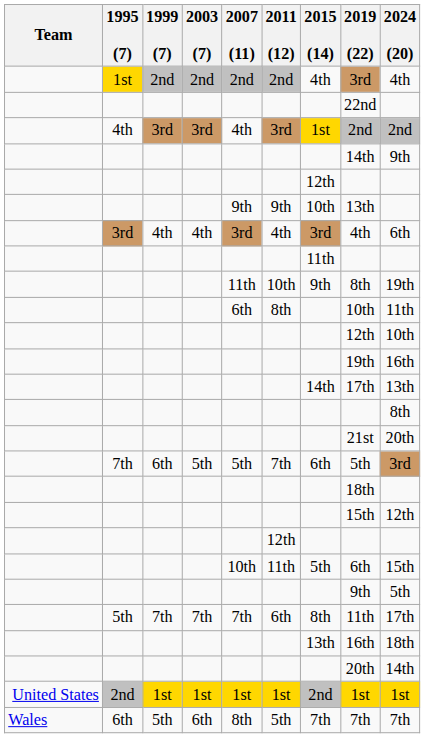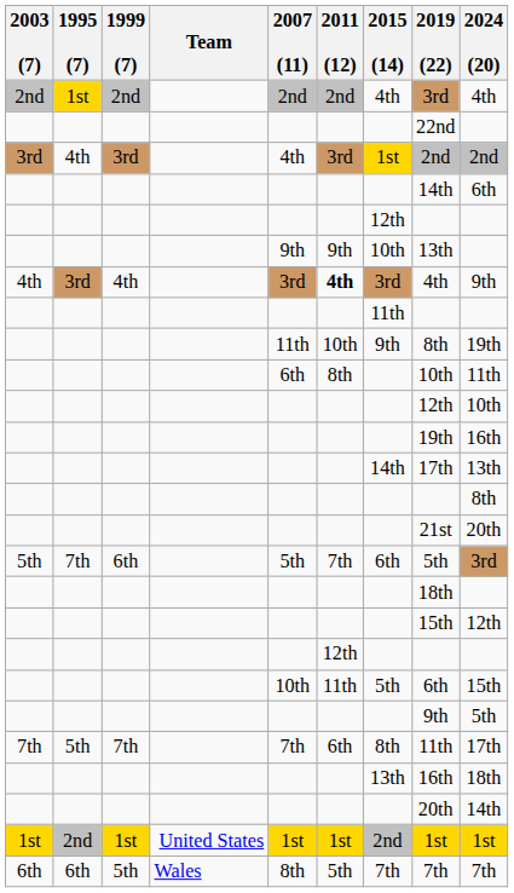 <table class="wikitable"  style="text-align:center;">
 <tr>
-<th>Team</th>
+<th>2003<br><br>(7)</th>
 <th>1995<br><br>(7)</th>
 <th>1999<br><br>(7)</th>
-<th>2003<br><br>(7)</th>
+<th>Team</th>
 <th>2007<br><br>(11)</th>
 <th>2011<br><br>(12)</th>
 <th>2015<br><br>(14)</th>
 <th>2019<br><br>(22)</th>
 <th>2024<br><br>(20)</th>
 </tr>
 <tr>
-<td align="left"></td>
+<td bgcolor="silver">2nd</td>
 <td bgcolor="gold">1st</td>
 <td bgcolor="silver">2nd</td>
-<td bgcolor="silver">2nd</td>
+<td align="left"></td>
 <td bgcolor="silver">2nd</td>
 <td bgcolor="silver">2nd</td>
 <td>4th</td>
 <td bgcolor="#cc9966">3rd</td>
 <td>4th</td>
 </tr>
 <tr>
-<td align="left"></td>
 <td></td>
 <td></td>
 <td></td>
+<td align="left"></td>
 <td></td>
 <td></td>
 <td></td>
 <td>22nd</td>
 <td></td>
 </tr>
 <tr>
-<td align="left"></td>
+<td bgcolor="#cc9966">3rd</td>
 <td>4th</td>
 <td bgcolor="#cc9966">3rd</td>
-<td bgcolor="#cc9966">3rd</td>
+<td align="left"></td>
 <td>4th</td>
 <td bgcolor="#cc9966">3rd</td>
 <td bgcolor="gold">1st</td>
 <td bgcolor="silver">2nd</td>
 <td bgcolor="silver">2nd</td>
 </tr>
 <tr>
+<td></td>
+<td></td>
+<td></td>
 <td align="left"></td>
 <td></td>
 <td></td>
 <td></td>
+<td>14th</td>
+<td>6th</td>
+</tr>
+<tr>
 <td></td>
 <td></td>
 <td></td>
-<td>14th</td>
-<td>9th</td>
-</tr>
-<tr>
 <td align="left"></td>
-<td></td>
-<td></td>
-<td></td>
 <td></td>
 <td></td>
 <td>12th</td>
 <td></td>
 <td></td>
 </tr>
 <tr>
 <td></td>
 <td></td>
 <td></td>
 <td></td>
 <td>9th</td>
 <td>9th</td>
 <td>10th</td>
 <td>13th</td>
 <td></td>
 </tr>
 <tr>
-<td align="left"></td>
-<td bgcolor="#cc9966">3rd</td>
-<td>4th</td>
 <td>4th</td>
 <td bgcolor="#cc9966">3rd</td>
 <td>4th</td>
+<td align="left"></td>
+<td bgcolor="#cc9966">3rd</td>
+<td><strong>4th</strong></td>
 <td bgcolor="#cc9966">3rd</td>
 <td>4th</td>
-<td>6th</td>
+<td>9th</td>
 </tr>
 <tr>
-<td align="left"></td>
 <td></td>
 <td></td>
 <td></td>
+<td align="left"></td>
 <td></td>
 <td></td>
 <td>11th</td>
 <td></td>
 <td></td>
 </tr>
 <tr>
-<td align="left"></td>
 <td></td>
 <td></td>
 <td></td>
+<td align="left"></td>
 <td>11th</td>
 <td>10th</td>
 <td>9th</td>
 <td>8th</td>
 <td>19th</td>
 </tr>
 <tr>
-<td align="left"></td>
 <td></td>
 <td></td>
 <td></td>
+<td align="left"></td>
 <td>6th</td>
 <td>8th</td>
 <td></td>
 <td>10th</td>
 <td>11th</td>
 </tr>
 <tr>
-<td align="left"></td>
 <td></td>
 <td></td>
 <td></td>
+<td align="left"></td>
 <td></td>
 <td></td>
 <td></td>
 <td>12th</td>
 <td>10th</td>
 </tr>
 <tr>
-<td align="left"></td>
 <td></td>
 <td></td>
 <td></td>
+<td align="left"></td>
 <td></td>
 <td></td>
 <td></td>
 <td>19th</td>
 <td>16th</td>
 </tr>
 <tr>
-<td align="left"></td>
 <td></td>
 <td></td>
 <td></td>
+<td align="left"></td>
 <td></td>
 <td></td>
 <td>14th</td>
 <td>17th</td>
 <td>13th</td>
 </tr>
 <tr>
-<td align="left"></td>
 <td></td>
 <td></td>
 <td></td>
+<td align="left"></td>
 <td></td>
 <td></td>
 <td></td>
 <td></td>
 <td>8th</td>
 </tr>
 <tr>
-<td align="left"></td>
 <td></td>
 <td></td>
 <td></td>
+<td align="left"></td>
 <td></td>
 <td></td>
 <td></td>
 <td>21st</td>
 <td>20th</td>
 </tr>
 <tr>
-<td align="left"></td>
+<td>5th</td>
 <td>7th</td>
 <td>6th</td>
-<td>5th</td>
+<td align="left"></td>
 <td>5th</td>
 <td>7th</td>
 <td>6th</td>
 <td>5th</td>
 <td bgcolor="#cc9966">3rd</td>
 </tr>
 <tr>
-<td align="left"></td>
 <td></td>
 <td></td>
 <td></td>
+<td align="left"></td>
 <td></td>
 <td></td>
 <td></td>
 <td>18th</td>
 <td></td>
 </tr>
 <tr>
-<td align="left"></td>
 <td></td>
 <td></td>
 <td></td>
+<td align="left"></td>
 <td></td>
 <td></td>
 <td></td>
 <td>15th</td>
 <td>12th</td>
 </tr>
 <tr>
-<td align="left"></td>
 <td></td>
 <td></td>
 <td></td>
+<td align="left"></td>
 <td></td>
 <td>12th</td>
 <td></td>
 <td></td>
 <td></td>
 </tr>
 <tr>
-<td align="left"></td>
 <td></td>
 <td></td>
 <td></td>
+<td align="left"></td>
 <td>10th</td>
 <td>11th</td>
 <td>5th</td>
 <td>6th</td>
 <td>15th</td>
 </tr>
 <tr>
-<td align="left"></td>
 <td></td>
 <td></td>
 <td></td>
+<td align="left"></td>
 <td></td>
 <td></td>
 <td></td>
 <td>9th</td>
 <td>5th</td>
 </tr>
 <tr>
-<td align="left"></td>
+<td>7th</td>
 <td>5th</td>
 <td>7th</td>
-<td>7th</td>
+<td align="left"></td>
 <td>7th</td>
 <td>6th</td>
 <td>8th</td>
 <td>11th</td>
 <td>17th</td>
 </tr>
 <tr>
-<td align="left"></td>
 <td></td>
 <td></td>
 <td></td>
+<td align="left"></td>
 <td></td>
 <td></td>
 <td>13th</td>
 <td>16th</td>
 <td>18th</td>
 </tr>
 <tr>
-<td align="left"></td>
 <td></td>
 <td></td>
 <td></td>
+<td align="left"></td>
 <td></td>
 <td></td>
 <td></td>
 <td>20th</td>
 <td>14th</td>
 </tr>
 <tr>
-<td align="left"> <a href='#'>United States</a></td>
+<td bgcolor="gold">1st</td>
 <td bgcolor="silver">2nd</td>
 <td bgcolor="gold">1st</td>
-<td bgcolor="gold">1st</td>
+<td align="left"> <a href='#'>United States</a></td>
 <td bgcolor="gold">1st</td>
 <td bgcolor="gold">1st</td>
 <td bgcolor="silver">2nd</td>
 <td bgcolor="gold">1st</td>
 <td bgcolor="gold">1st</td>
 </tr>
 <tr>
-<td align="left"> <a href='#'>Wales</a></td>
+<td>6th</td>
 <td>6th</td>
 <td>5th</td>
-<td>6th</td>
+<td align="left"> <a href='#'>Wales</a></td>
 <td>8th</td>
 <td>5th</td>
 <td>7th</td>
 <td>7th</td>
 <td>7th</td>
 </tr>
 </table>
